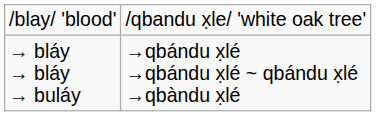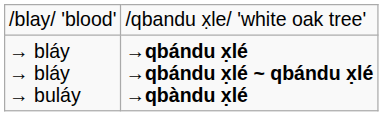 <table class="wikitable">
 <tr>
 <td>/blay/ 'blood'</td>
 <td>/qbandu x̣le/ 'white oak tree'</td>
 </tr>
 <tr>
 <td>→ bláy<br>→ bláy<br>→ buláy</td>
-<td>→qbándu x̣lé<br>→qbándu x̣lé ~ qbándu x̣lé<br>→qbàndu x̣lé</td>
+<td><strong>→qbándu x̣lé<br>→qbándu x̣lé ~ qbándu x̣lé<br>→qbàndu x̣lé</strong></td>
 </tr>
 </table>
